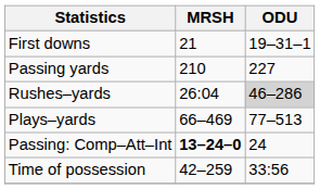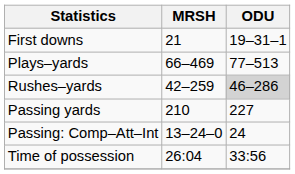 <table class="wikitable" style="float: left;">
 <tr>
 <th>Statistics</th>
 <th>MRSH</th>
 <th>ODU</th>
 </tr>
 <tr>
 <td>First downs</td>
 <td>21</td>
 <td>19–31–1</td>
 </tr>
 <tr>
+<td>Plays–yards</td>
+<td>66–469</td>
+<td>77–513</td>
+</tr>
+<tr>
+<td>Rushes–yards</td>
+<td>42–259</td>
+<td style="background: lightgrey;">46–286</td>
+</tr>
+<tr>
 <td>Passing yards</td>
 <td>210</td>
 <td>227</td>
 </tr>
 <tr>
-<td>Rushes–yards</td>
-<td>26:04</td>
-<td style="background: lightgrey;">46–286</td>
-</tr>
-<tr>
-<td>Plays–yards</td>
-<td>66–469</td>
-<td>77–513</td>
-</tr>
-<tr>
 <td>Passing: Comp–Att–Int</td>
-<td><strong>13–24–0</strong></td>
+<td>13–24–0</td>
 <td>24</td>
 </tr>
 <tr>
 <td>Time of possession</td>
-<td>42–259</td>
+<td>26:04</td>
 <td>33:56</td>
 </tr>
 <tr>
 </tr>
 </table>
